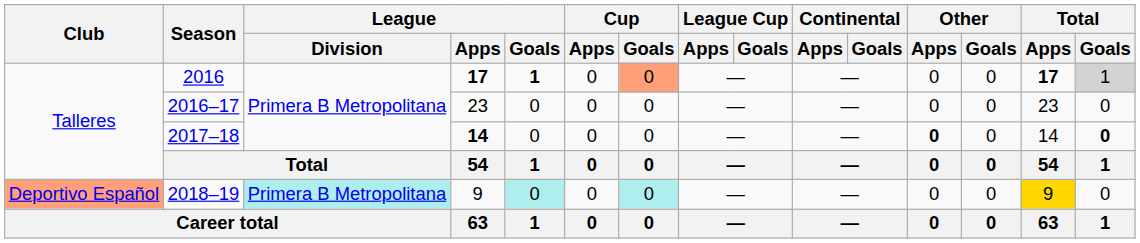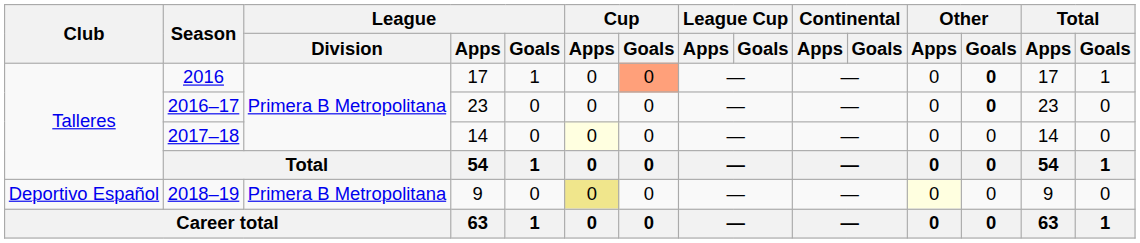 <table class="wikitable" style="text-align:center">
 <tr>
 <th rowspan="2">Club</th>
 <th rowspan="2">Season</th>
 <th colspan="3">League</th>
 <th colspan="2">Cup</th>
 <th colspan="2">League Cup</th>
 <th colspan="2">Continental</th>
 <th colspan="2">Other</th>
 <th colspan="2">Total</th>
 </tr>
 <tr>
 <th>Division</th>
 <th>Apps</th>
 <th>Goals</th>
 <th>Apps</th>
 <th>Goals</th>
 <th>Apps</th>
 <th>Goals</th>
 <th>Apps</th>
 <th>Goals</th>
 <th>Apps</th>
 <th>Goals</th>
 <th>Apps</th>
 <th>Goals</th>
 </tr>
 <tr>
 <td rowspan="4"><a href='#'>Talleres</a></td>
 <td><a href='#'>2016</a></td>
 <td rowspan="3"><a href='#'>Primera B Metropolitana</a></td>
-<td><strong>17</strong></td>
-<td><strong>1</strong></td>
+<td>17</td>
+<td>1</td>
 <td>0</td>
 <td style="background: lightsalmon;">0</td>
 <td colspan="2">—</td>
 <td colspan="2">—</td>
 <td>0</td>
-<td>0</td>
-<td><strong>17</strong></td>
-<td style="background: lightgrey;">1</td>
+<td><strong>0</strong></td>
+<td>17</td>
+<td>1</td>
 </tr>
 <tr>
 <td><a href='#'>2016–17</a></td>
 <td>23</td>
 <td>0</td>
 <td>0</td>
 <td>0</td>
 <td colspan="2">—</td>
 <td colspan="2">—</td>
 <td>0</td>
-<td>0</td>
+<td><strong>0</strong></td>
 <td>23</td>
 <td>0</td>
 </tr>
 <tr>
 <td><a href='#'>2017–18</a></td>
-<td><strong>14</strong></td>
+<td>14</td>
 <td>0</td>
-<td>0</td>
+<td style="background: lightyellow;">0</td>
 <td>0</td>
 <td colspan="2">—</td>
 <td colspan="2">—</td>
-<td><strong>0</strong></td>
+<td>0</td>
 <td>0</td>
 <td>14</td>
-<td><strong>0</strong></td>
+<td>0</td>
 </tr>
 <tr>
 <th colspan="2">Total</th>
 <th>54</th>
 <th>1</th>
 <th>0</th>
 <th>0</th>
 <th colspan="2">—</th>
 <th colspan="2">—</th>
 <th>0</th>
 <th>0</th>
 <th>54</th>
 <th>1</th>
 </tr>
 <tr>
-<td rowspan="1" style="background: lightsalmon;"><a href='#'>Deportivo Español</a></td>
+<td rowspan="1"><a href='#'>Deportivo Español</a></td>
 <td><a href='#'>2018–19</a></td>
-<td rowspan="1" style="background: paleturquoise;"><a href='#'>Primera B Metropolitana</a></td>
+<td rowspan="1"><a href='#'>Primera B Metropolitana</a></td>
 <td>9</td>
-<td style="background: paleturquoise;">0</td>
 <td>0</td>
-<td style="background: paleturquoise;">0</td>
+<td style="background: khaki;">0</td>
+<td>0</td>
 <td colspan="2">—</td>
 <td colspan="2">—</td>
+<td style="background: lightyellow;">0</td>
 <td>0</td>
-<td>0</td>
-<td style="background: gold;">9</td>
+<td>9</td>
 <td>0</td>
 </tr>
 <tr>
 <th colspan="3">Career total</th>
 <th>63</th>
 <th>1</th>
 <th>0</th>
 <th>0</th>
 <th colspan="2">—</th>
 <th colspan="2">—</th>
 <th>0</th>
 <th>0</th>
 <th>63</th>
 <th>1</th>
 </tr>
 </table>
